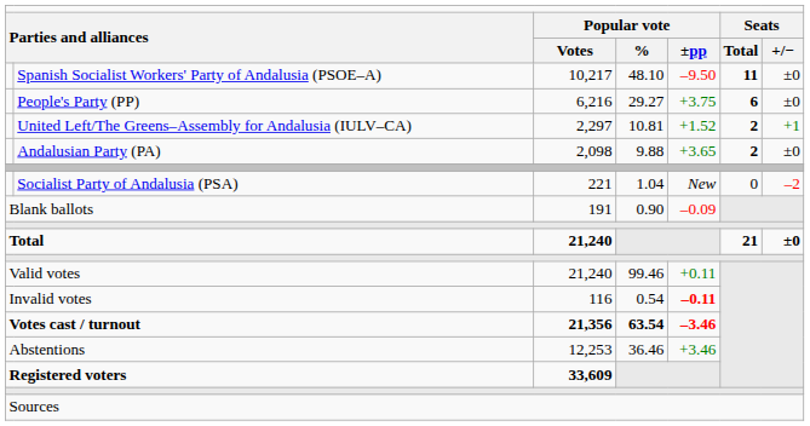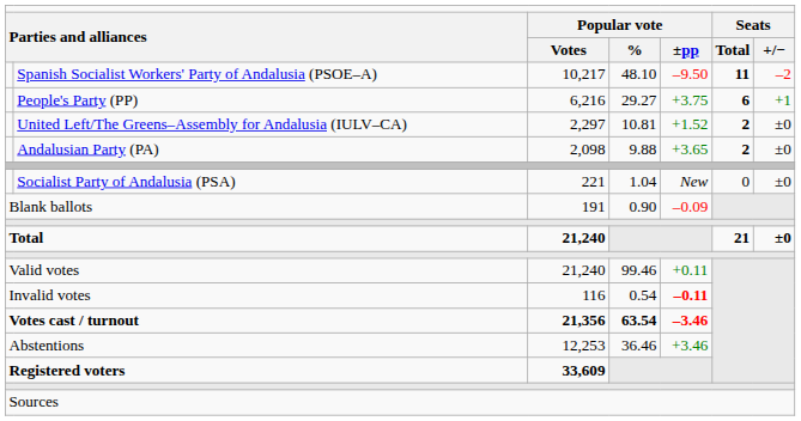 <table class="wikitable" style="text-align:right;">
 <tr>
 <td colspan="7"></td>
 </tr>
 <tr>
 <th style="text-align:left;" rowspan="2" colspan="2" width="525">Parties and alliances</th>
 <th colspan="3">Popular vote</th>
 <th colspan="2">Seats</th>
 </tr>
 <tr>
 <th width="75">Votes</th>
 <th width="45">%</th>
 <th width="45">±<a href='#'>pp</a></th>
 <th width="35">Total</th>
 <th width="35">+/−</th>
 </tr>
 <tr>
 <td width="1" style="color:inherit;background:"></td>
 <td align="left"><a href='#'>Spanish Socialist Workers' Party of Andalusia</a> (PSOE–A)</td>
 <td>10,217</td>
 <td>48.10</td>
 <td style="color:red;">–9.50</td>
 <td><strong>11</strong></td>
-<td>±0</td>
+<td style="color:red;">–2</td>
 </tr>
 <tr>
 <td style="color:inherit;background:"></td>
 <td align="left"><a href='#'>People's Party</a> (PP)</td>
 <td>6,216</td>
 <td>29.27</td>
 <td style="color:green;">+3.75</td>
 <td><strong>6</strong></td>
-<td>±0</td>
+<td style="color:green;">+1</td>
 </tr>
 <tr>
 <td style="color:inherit;background:"></td>
 <td align="left"><a href='#'>United Left/The Greens–Assembly for Andalusia</a> (IULV–CA)</td>
 <td>2,297</td>
 <td>10.81</td>
 <td style="color:green;">+1.52</td>
 <td><strong>2</strong></td>
-<td style="color:green;">+1</td>
+<td>±0</td>
 </tr>
 <tr>
 <td style="color:inherit;background:"></td>
 <td align="left"><a href='#'>Andalusian Party</a> (PA)</td>
 <td>2,098</td>
 <td>9.88</td>
 <td style="color:green;">+3.65</td>
 <td><strong>2</strong></td>
 <td>±0</td>
 </tr>
 <tr>
 <td colspan="7" bgcolor="#C0C0C0"></td>
 </tr>
 <tr>
 <td style="color:inherit;background:"></td>
 <td align="left"><a href='#'>Socialist Party of Andalusia</a> (PSA)</td>
 <td>221</td>
 <td>1.04</td>
 <td><em>New</em></td>
 <td>0</td>
-<td style="color:red;">–2</td>
+<td>±0</td>
 </tr>
 <tr>
 <td align="left" colspan="2">Blank ballots</td>
 <td>191</td>
 <td>0.90</td>
 <td style="color:red;">–0.09</td>
 <td bgcolor="#E9E9E9" colspan="2"></td>
 </tr>
 <tr>
 <td colspan="7" bgcolor="#E9E9E9"></td>
 </tr>
 <tr style="font-weight:bold;">
 <td align="left" colspan="2">Total</td>
 <td>21,240</td>
 <td bgcolor="#E9E9E9" colspan="2"></td>
 <td>21</td>
 <td>±0</td>
 </tr>
 <tr>
 <td colspan="7" bgcolor="#E9E9E9"></td>
 </tr>
 <tr>
 <td align="left" colspan="2">Valid votes</td>
 <td>21,240</td>
 <td>99.46</td>
 <td style="color:green;">+0.11</td>
 <td bgcolor="#E9E9E9" colspan="2" rowspan="5"></td>
 </tr>
 <tr>
 <td align="left" colspan="2">Invalid votes</td>
 <td>116</td>
 <td>0.54</td>
 <td style="color:red;"><strong>–0.11</strong></td>
 </tr>
 <tr style="font-weight:bold;">
 <td align="left" colspan="2">Votes cast / turnout</td>
 <td>21,356</td>
 <td>63.54</td>
 <td style="color:red;">–3.46</td>
 </tr>
 <tr>
 <td align="left" colspan="2">Abstentions</td>
 <td>12,253</td>
 <td>36.46</td>
 <td style="color:green;">+3.46</td>
 </tr>
 <tr style="font-weight:bold;">
 <td align="left" colspan="2">Registered voters</td>
 <td>33,609</td>
 <td bgcolor="#E9E9E9" colspan="2"></td>
 </tr>
 <tr>
 <td colspan="7" bgcolor="#E9E9E9"></td>
 </tr>
 <tr>
 <td align="left" colspan="7">Sources</td>
 </tr>
 </table>
